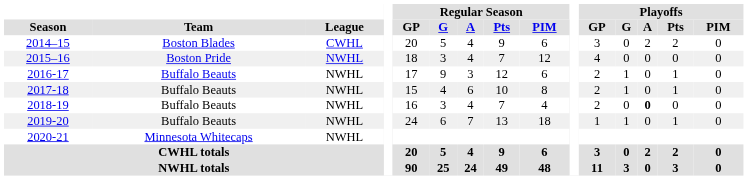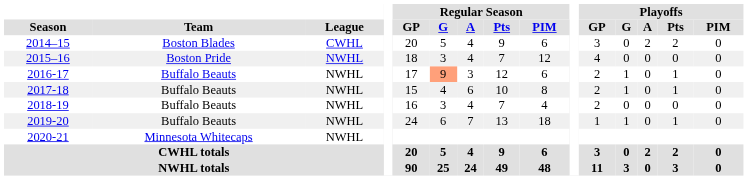 <table border="0" cellpadding="1" cellspacing="0" style="text-align:center; width:75%">
 <tr bgcolor="#e0e0e0">
 <th colspan="3"  bgcolor="#ffffff"> </th>
 <th rowspan="99" bgcolor="#ffffff"> </th>
 <th colspan="5">Regular Season</th>
 <th rowspan="99" bgcolor="#ffffff"> </th>
 <th colspan="5">Playoffs</th>
 </tr>
 <tr bgcolor="#e0e0e0">
 <th>Season</th>
 <th>Team</th>
 <th>League</th>
 <th>GP</th>
 <th><a href='#'>G</a></th>
 <th><a href='#'>A</a></th>
 <th><a href='#'>Pts</a></th>
 <th><a href='#'>PIM</a></th>
 <th>GP</th>
 <th>G</th>
 <th>A</th>
 <th>Pts</th>
 <th>PIM</th>
 </tr>
 <tr>
 <td><a href='#'>2014–15</a></td>
 <td><a href='#'>Boston Blades</a></td>
 <td><a href='#'>CWHL</a></td>
 <td>20</td>
 <td>5</td>
 <td>4</td>
 <td>9</td>
 <td>6</td>
 <td>3</td>
 <td>0</td>
 <td>2</td>
 <td>2</td>
 <td>0</td>
 </tr>
 <tr bgcolor="#f0f0f0">
 <td><a href='#'>2015–16</a></td>
 <td><a href='#'>Boston Pride</a></td>
 <td><a href='#'>NWHL</a></td>
 <td>18</td>
 <td>3</td>
 <td>4</td>
 <td>7</td>
 <td>12</td>
 <td>4</td>
 <td>0</td>
 <td>0</td>
 <td>0</td>
 <td>0</td>
 </tr>
 <tr>
 <td><a href='#'>2016-17</a></td>
 <td><a href='#'>Buffalo Beauts</a></td>
 <td>NWHL</td>
 <td>17</td>
-<td>9</td>
+<td style="background: lightsalmon;">9</td>
 <td>3</td>
 <td>12</td>
 <td>6</td>
 <td>2</td>
 <td>1</td>
 <td>0</td>
 <td>1</td>
 <td>0</td>
 </tr>
 <tr bgcolor="#f0f0f0">
 <td><a href='#'>2017-18</a></td>
 <td>Buffalo Beauts</td>
 <td>NWHL</td>
 <td>15</td>
 <td>4</td>
 <td>6</td>
 <td>10</td>
 <td>8</td>
 <td>2</td>
 <td>1</td>
 <td>0</td>
 <td>1</td>
 <td>0</td>
 </tr>
 <tr>
 <td><a href='#'>2018-19</a></td>
 <td>Buffalo Beauts</td>
 <td>NWHL</td>
 <td>16</td>
 <td>3</td>
 <td>4</td>
 <td>7</td>
 <td>4</td>
 <td>2</td>
 <td>0</td>
-<td><strong>0</strong></td>
+<td>0</td>
 <td>0</td>
 <td>0</td>
 </tr>
 <tr bgcolor="#f0f0f0">
 <td><a href='#'>2019-20</a></td>
 <td>Buffalo Beauts</td>
 <td>NWHL</td>
 <td>24</td>
 <td>6</td>
 <td>7</td>
 <td>13</td>
 <td>18</td>
 <td>1</td>
 <td>1</td>
 <td>0</td>
 <td>1</td>
 <td>0</td>
 </tr>
 <tr>
 <td><a href='#'>2020-21</a></td>
 <td><a href='#'>Minnesota Whitecaps</a></td>
 <td>NWHL</td>
 <td></td>
 <td></td>
 <td></td>
 <td></td>
 <td></td>
 <td></td>
 <td></td>
 <td></td>
 <td></td>
 <td></td>
 </tr>
 <tr bgcolor="#e0e0e0">
 <th colspan="3">CWHL totals</th>
 <th>20</th>
 <th>5</th>
 <th>4</th>
 <th>9</th>
 <th>6</th>
 <th>3</th>
 <th>0</th>
 <th>2</th>
 <th>2</th>
 <th>0</th>
 </tr>
 <tr bgcolor="#e0e0e0">
 <th colspan="3">NWHL totals</th>
 <th>90</th>
 <th>25</th>
 <th>24</th>
 <th>49</th>
 <th>48</th>
 <th>11</th>
 <th>3</th>
 <th>0</th>
 <th>3</th>
 <th>0</th>
 </tr>
 </table>
